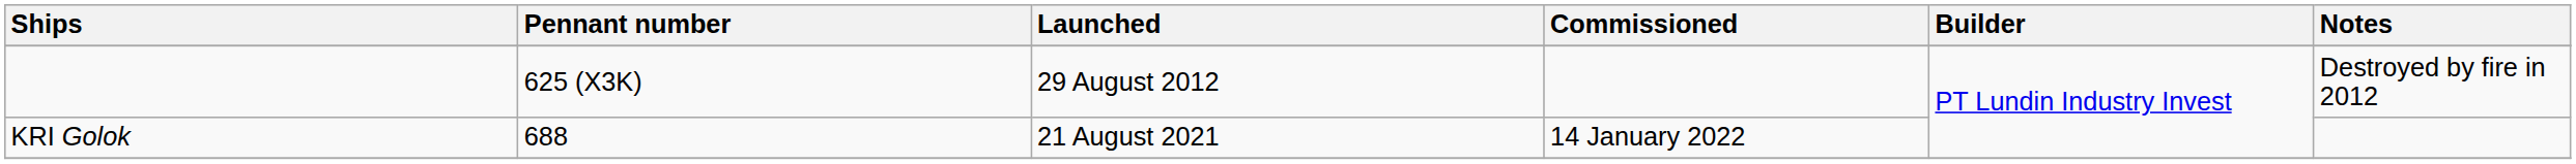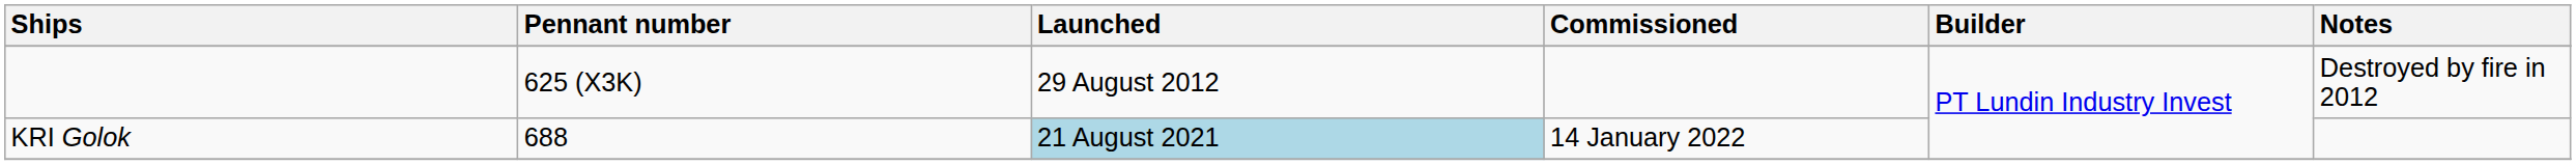 <table class="wikitable">
 <tr>
 <th style="text-align:left; width:20%;">Ships</th>
 <th style="text-align:left; width:20%">Pennant number</th>
 <th style="text-align:left; width:20%;">Launched</th>
 <th style="text-align:left; width:15%">Commissioned</th>
 <th style="text-align:left; width:15%">Builder</th>
 <th style="text-align:left; width:20%;">Notes</th>
 </tr>
 <tr>
 </tr>
 <tr>
 <td></td>
 <td>625 (X3K)</td>
 <td>29 August 2012</td>
 <td></td>
 <td rowspan="2"><a href='#'>PT Lundin Industry Invest</a></td>
 <td>Destroyed by fire in 2012</td>
 </tr>
 <tr>
 <td>KRI <em>Golok</em></td>
 <td>688</td>
-<td>21 August 2021</td>
+<td style="background: lightblue;">21 August 2021</td>
 <td>14 January 2022</td>
 <td></td>
 </tr>
 <tr>
 </tr>
 </table>
